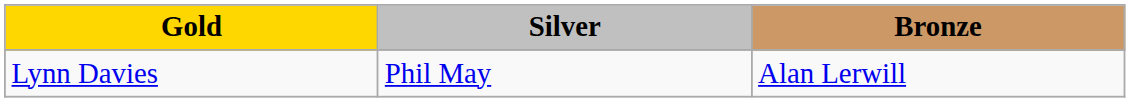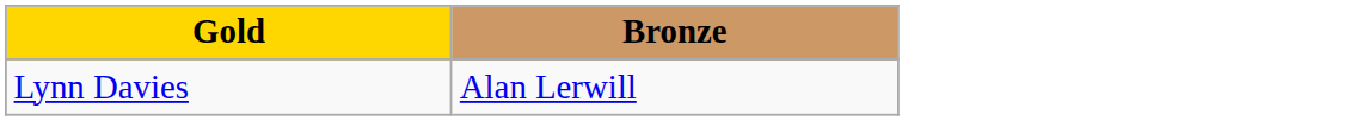 <table class="wikitable">
 <tr>
 <th scope=col style="background-color:gold; width:200px;">Gold</th>
-<th scope=col style="background-color:silver; width:200px;">Silver</th>
 <th scope=col style="background-color:#cc9966; width:200px;">Bronze</th>
 </tr>
 <tr>
 <td><a href='#'>Lynn Davies</a><br><em></em></td>
-<td><a href='#'>Phil May</a><br><em></em></td>
 <td><a href='#'>Alan Lerwill</a><br><em></em></td>
 </tr>
 </table>
